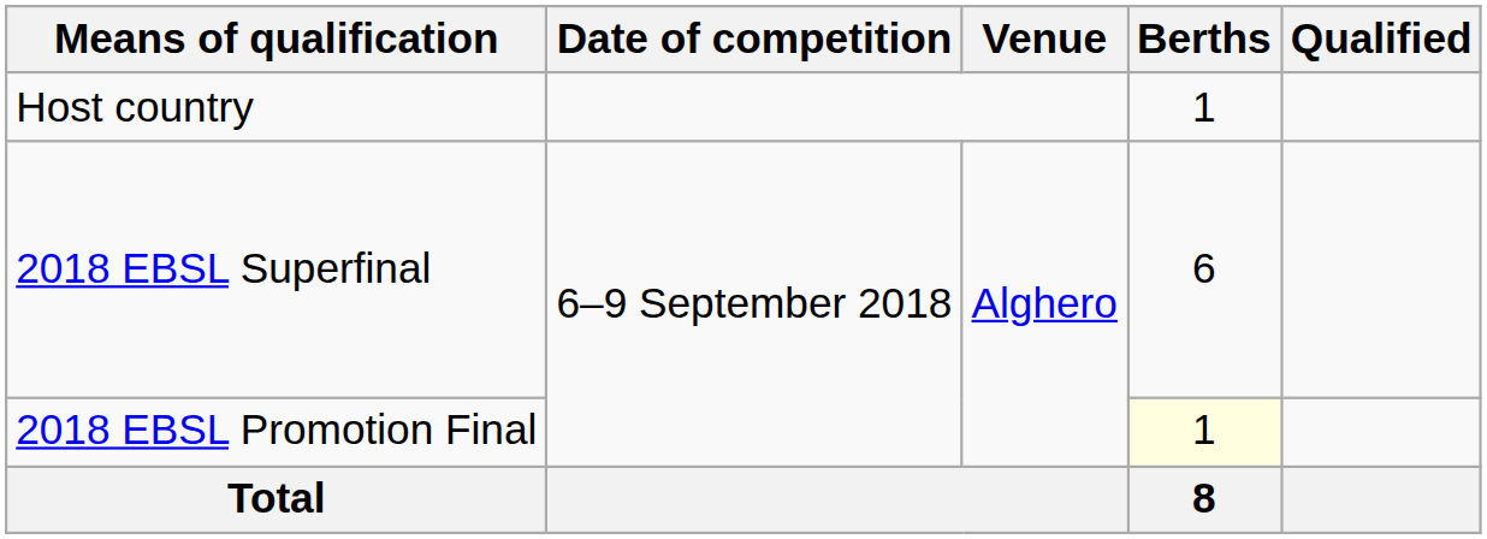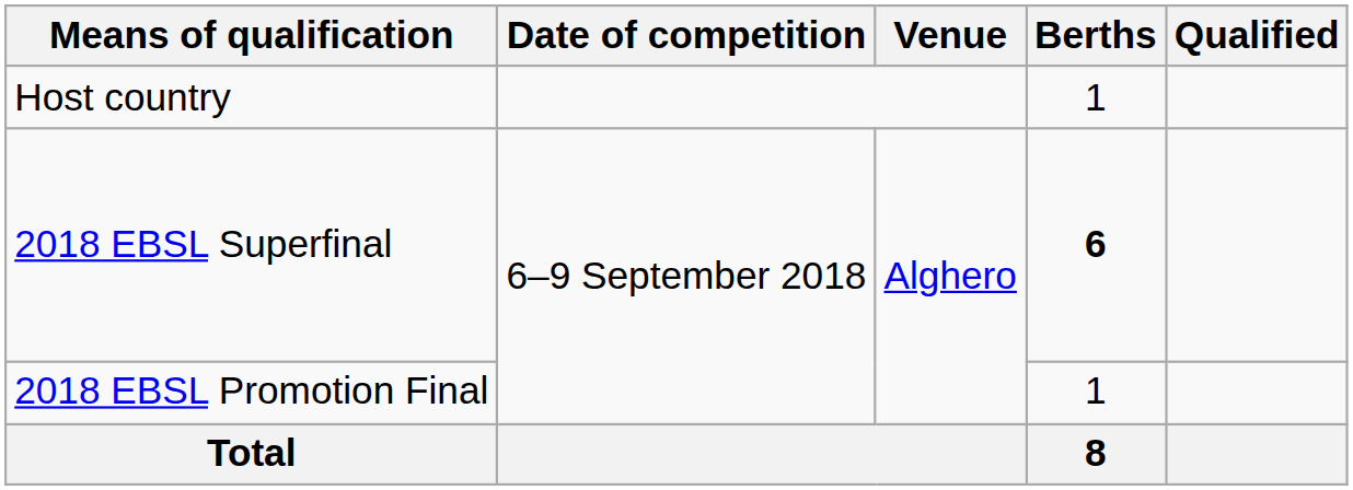 <table class="wikitable">
 <tr>
 <th>Means of qualification</th>
 <th>Date of competition</th>
 <th>Venue</th>
 <th>Berths</th>
 <th>Qualified</th>
 </tr>
 <tr>
 <td>Host country</td>
 <td colspan=2>  </td>
 <td align=center>1</td>
 <td></td>
 </tr>
 <tr>
 <td><a href='#'>2018 EBSL</a> Superfinal</td>
 <td rowspan=2>6–9 September 2018</td>
 <td rowspan=2> <a href='#'>Alghero</a></td>
-<td align=center>6</td>
+<td align=center><strong>6</strong></td>
 <td><br><br><br><br><br></td>
 </tr>
 <tr>
 <td><a href='#'>2018 EBSL</a> Promotion Final</td>
-<td align=center style="background: lightyellow;">1</td>
+<td align=center>1</td>
 <td></td>
 </tr>
 <tr>
 <th>Total</th>
 <th colspan=2> </th>
 <th>8</th>
 <th></th>
 </tr>
 </table>
